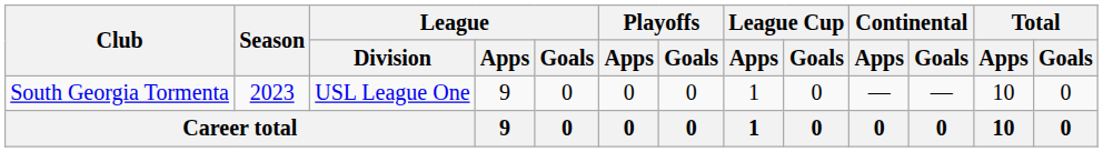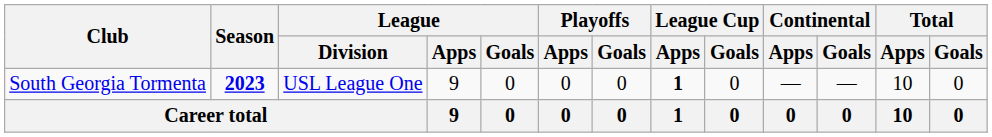 <table class="wikitable" style="text-align: center;">
 <tr>
 <th rowspan="2">Club</th>
 <th rowspan="2">Season</th>
 <th colspan="3">League</th>
 <th colspan="2">Playoffs</th>
 <th colspan="2">League Cup</th>
 <th colspan="2">Continental</th>
 <th colspan="2">Total</th>
 </tr>
 <tr>
 <th>Division</th>
 <th>Apps</th>
 <th>Goals</th>
 <th>Apps</th>
 <th>Goals</th>
 <th>Apps</th>
 <th>Goals</th>
 <th>Apps</th>
 <th>Goals</th>
 <th>Apps</th>
 <th>Goals</th>
 </tr>
 <tr>
 <td rowspan="1"><a href='#'>South Georgia Tormenta</a></td>
-<td><a href='#'>2023</a></td>
+<td><strong><a href='#'>2023</a></strong></td>
 <td><a href='#'>USL League One</a></td>
 <td>9</td>
 <td>0</td>
 <td>0</td>
 <td>0</td>
-<td>1</td>
+<td><strong>1</strong></td>
 <td>0</td>
 <td>—</td>
 <td>—</td>
 <td>10</td>
 <td>0</td>
 </tr>
 <tr>
 <th colspan="3">Career total</th>
 <th>9</th>
 <th>0</th>
 <th>0</th>
 <th>0</th>
 <th>1</th>
 <th>0</th>
 <th>0</th>
 <th>0</th>
 <th>10</th>
 <th>0</th>
 </tr>
 </table>
